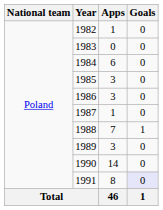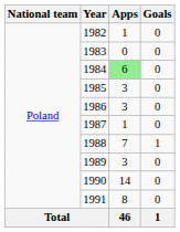 <table class="wikitable" style="text-align:center">
 <tr>
 <th>National team</th>
 <th>Year</th>
 <th>Apps</th>
 <th>Goals</th>
 </tr>
 <tr>
 <td rowspan="10"><a href='#'>Poland</a></td>
 <td>1982</td>
 <td>1</td>
 <td>0</td>
 </tr>
 <tr>
 <td>1983</td>
 <td>0</td>
 <td>0</td>
 </tr>
 <tr>
 <td>1984</td>
-<td>6</td>
+<td style="background: lightgreen;">6</td>
 <td>0</td>
 </tr>
 <tr>
 <td>1985</td>
 <td>3</td>
 <td>0</td>
 </tr>
 <tr>
 <td>1986</td>
 <td>3</td>
 <td>0</td>
 </tr>
 <tr>
 <td>1987</td>
 <td>1</td>
 <td>0</td>
 </tr>
 <tr>
 <td>1988</td>
 <td>7</td>
 <td>1</td>
 </tr>
 <tr>
 <td>1989</td>
 <td>3</td>
 <td>0</td>
 </tr>
 <tr>
 <td>1990</td>
 <td>14</td>
 <td>0</td>
 </tr>
 <tr>
 <td>1991</td>
 <td>8</td>
-<td style="background: lavender;">0</td>
+<td>0</td>
 </tr>
 <tr>
 <th colspan="2">Total</th>
 <th>46</th>
 <th>1</th>
 </tr>
 </table>
